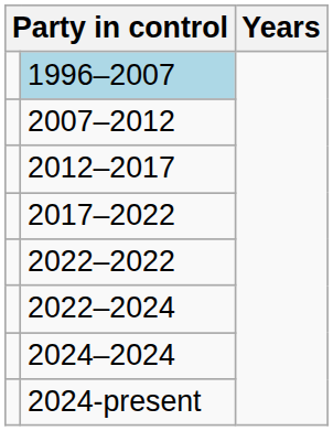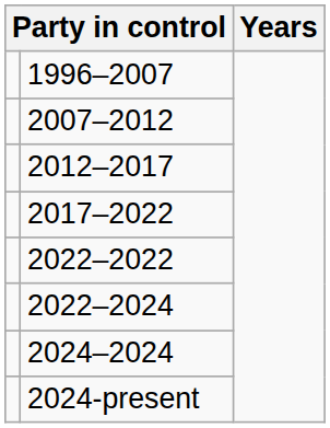 <table class="wikitable">
 <tr>
 <th colspan="2">Party in control</th>
 <th>Years</th>
 </tr>
 <tr>
 <td></td>
-<td style="background: lightblue;">1996–2007</td>
+<td>1996–2007</td>
 </tr>
 <tr>
 <td></td>
 <td>2007–2012</td>
 </tr>
 <tr>
 <td></td>
 <td>2012–2017</td>
 </tr>
 <tr>
 <td></td>
 <td>2017–2022</td>
 </tr>
 <tr>
 <td></td>
 <td>2022–2022</td>
 </tr>
 <tr>
 <td></td>
 <td>2022–2024</td>
 </tr>
 <tr>
 <td></td>
 <td>2024–2024</td>
 </tr>
 <tr>
 <td></td>
 <td>2024-present</td>
 </tr>
 </table>
